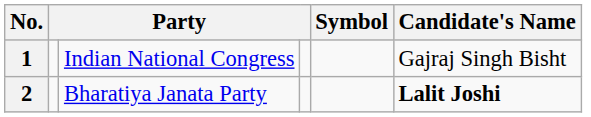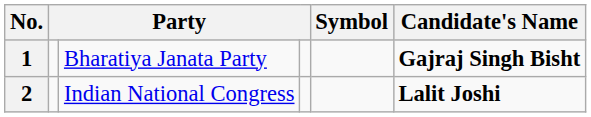 <table class="wikitable sortable">
 <tr>
 <th>No.</th>
 <th colspan="3">Party</th>
 <th>Symbol</th>
 <th>Candidate's Name</th>
 </tr>
 <tr>
 <th>1</th>
 <td style="background:"></td>
-<td><a href='#'>Indian National Congress</a></td>
+<td><a href='#'>Bharatiya Janata Party</a></td>
 <td></td>
 <td></td>
-<td>Gajraj Singh Bisht</td>
+<td><strong>Gajraj Singh Bisht</strong></td>
 </tr>
 <tr>
 <th>2</th>
 <td style="background:"></td>
-<td><a href='#'>Bharatiya Janata Party</a></td>
+<td><a href='#'>Indian National Congress</a></td>
 <td></td>
 <td></td>
 <td><strong>Lalit Joshi</strong></td>
 </tr>
 </table>
